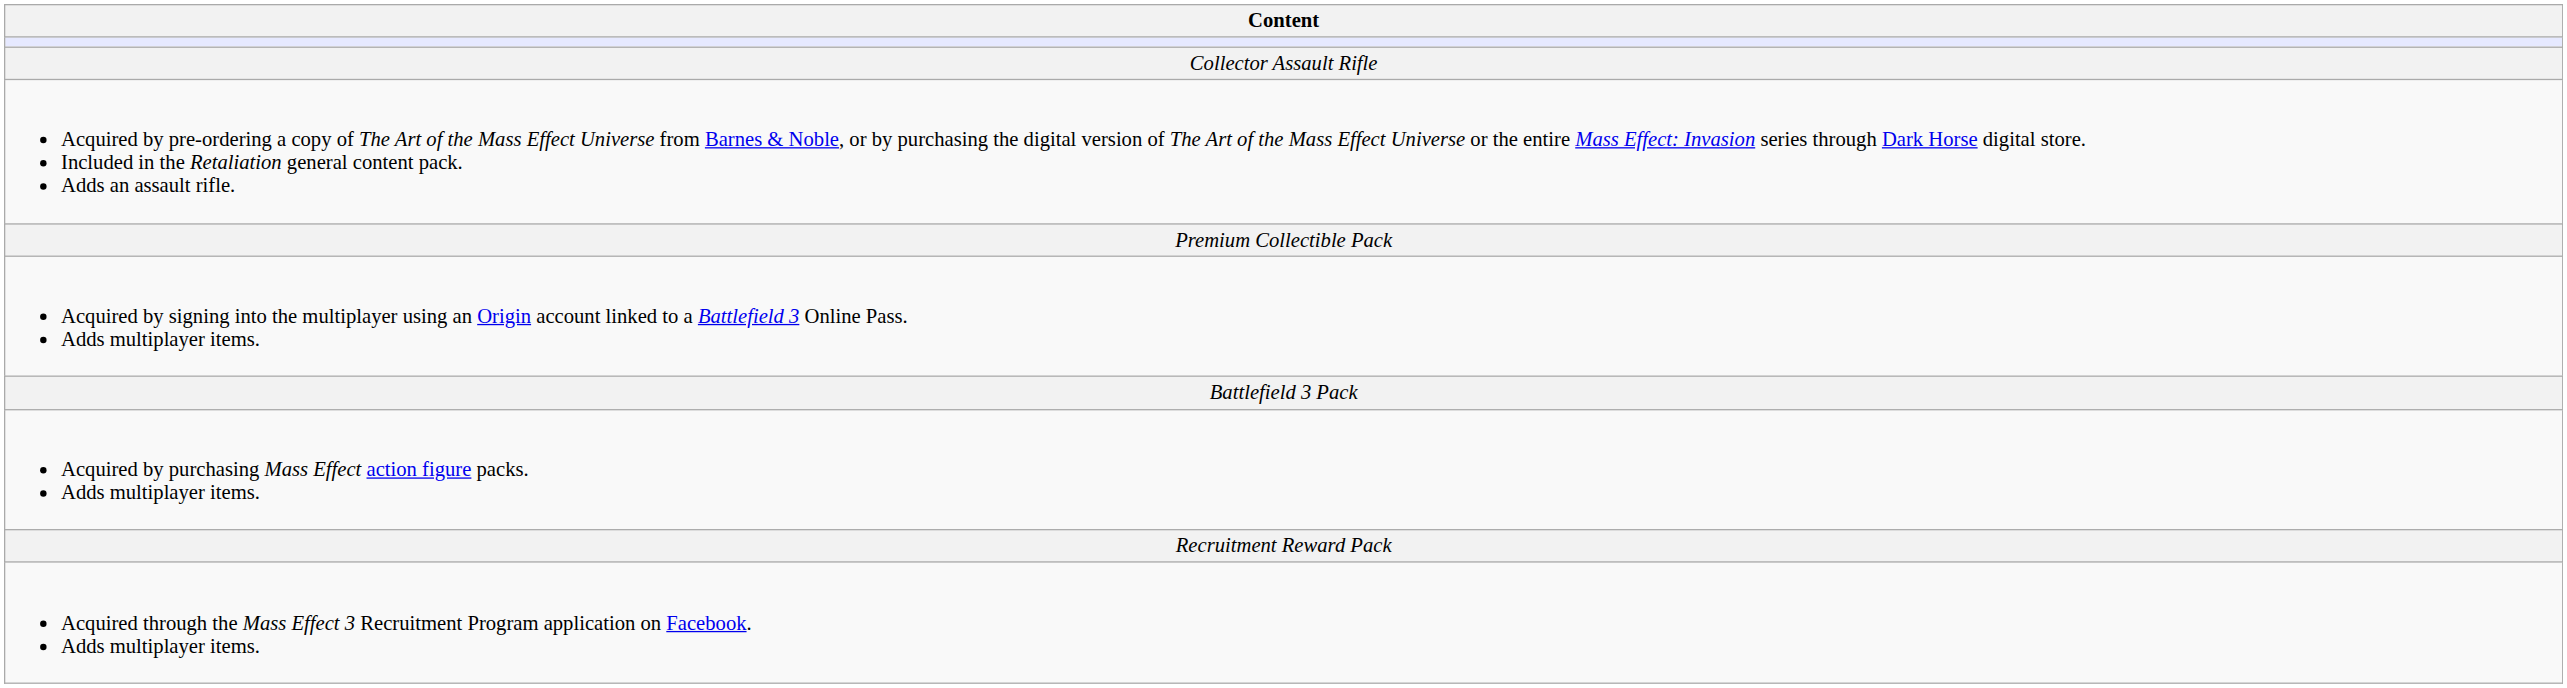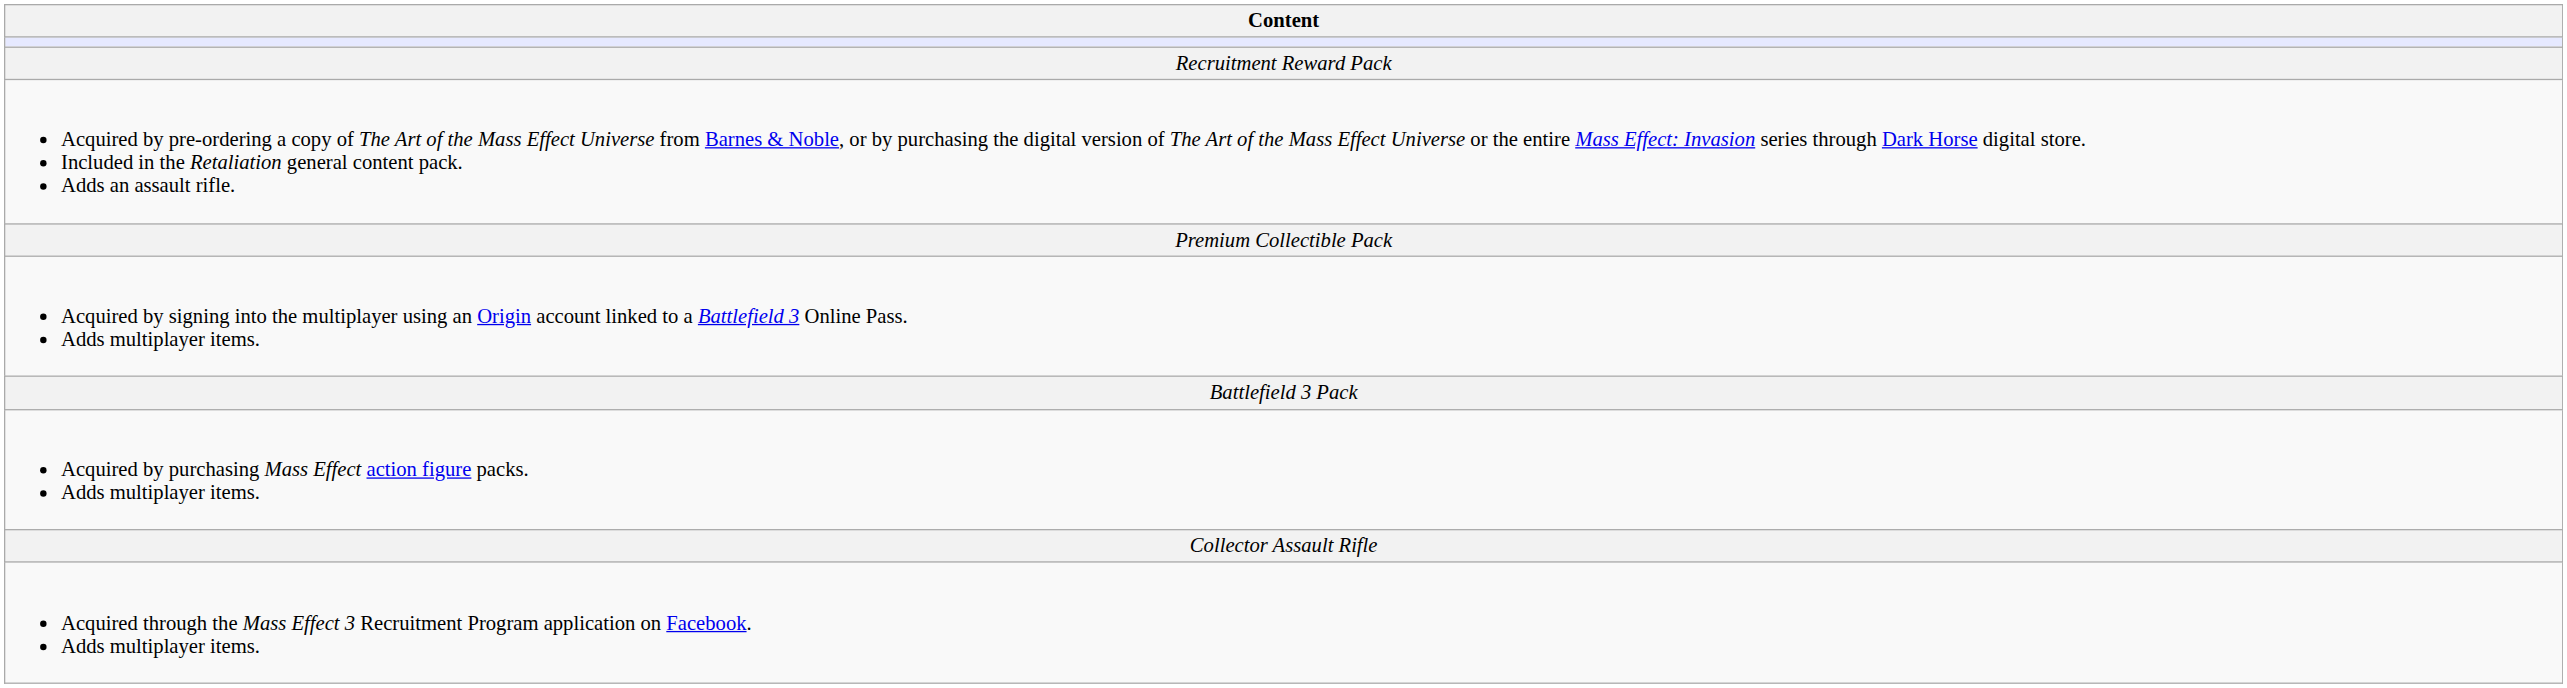 <table class="wikitable" width="100%">
 <tr style="text-align: center;">
 <th rowspan="1">Content</th>
 </tr>
 <tr>
 <td colspan="1" bgcolor="#e6e9ff"></td>
 </tr>
 <tr bgcolor="#F2F2F2" align="center">
-<td><em>Collector Assault Rifle</em></td>
+<td><em>Recruitment Reward Pack</em></td>
 </tr>
 <tr>
 <td colspan="1" style="border: none; vertical-align: top;"><br><ul><li>Acquired by pre-ordering a copy of <em>The Art of the Mass Effect Universe</em> from <a href='#'>Barnes & Noble</a>, or by purchasing the digital version of <em>The Art of the Mass Effect Universe</em> or the entire <em><a href='#'>Mass Effect: Invasion</a></em> series through <a href='#'>Dark Horse</a> digital store.</li><li>Included in the <em>Retaliation</em> general content pack.</li><li>Adds an assault rifle.</li></ul></td>
 </tr>
 <tr bgcolor="#F2F2F2" align="center">
 <td><em>Premium Collectible Pack</em></td>
 </tr>
 <tr>
 <td colspan="1" style="border: none; vertical-align: top;"><br><ul><li>Acquired by signing into the multiplayer using an <a href='#'>Origin</a> account linked to a <em><a href='#'>Battlefield 3</a></em> Online Pass.</li><li>Adds multiplayer items.</li></ul></td>
 </tr>
 <tr bgcolor="#F2F2F2" align="center">
 <td><em>Battlefield 3 Pack</em></td>
 </tr>
 <tr>
 <td colspan="1" style="border: none; vertical-align: top;"><br><ul><li>Acquired by purchasing <em>Mass Effect</em> <a href='#'>action figure</a> packs.</li><li>Adds multiplayer items.</li></ul></td>
 </tr>
 <tr bgcolor="#F2F2F2" align="center">
-<td><em>Recruitment Reward Pack</em></td>
+<td><em>Collector Assault Rifle</em></td>
 </tr>
 <tr>
 <td colspan="1" style="border: none; vertical-align: top;"><br><ul><li>Acquired through the <em>Mass Effect 3</em> Recruitment Program application on <a href='#'>Facebook</a>.</li><li>Adds multiplayer items.</li></ul></td>
 </tr>
 </table>
